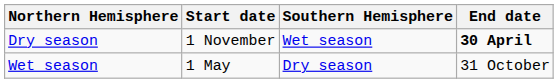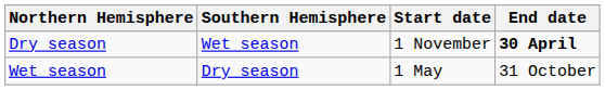 <table class="wikitable">
 <tr>
 <th>Northern Hemisphere</th>
+<th>Southern Hemisphere</th>
 <th>Start date</th>
-<th>Southern Hemisphere</th>
 <th>End date</th>
 </tr>
 <tr>
 <td><a href='#'>Dry season</a></td>
+<td><a href='#'>Wet season</a></td>
 <td>1 November</td>
-<td><a href='#'>Wet season</a></td>
 <td><strong>30 April</strong></td>
 </tr>
 <tr>
 <td><a href='#'>Wet season</a></td>
+<td><a href='#'>Dry season</a></td>
 <td>1 May</td>
-<td><a href='#'>Dry season</a></td>
 <td>31 October</td>
 </tr>
 </table>
